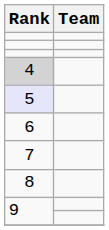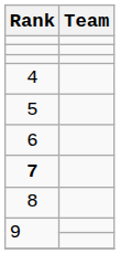 <table class="wikitable" border="1">
 <tr>
 <th>Rank</th>
 <th>Team</th>
 </tr>
 <tr>
 <td align=center></td>
 <td></td>
 </tr>
 <tr>
 <td align=center></td>
 <td></td>
 </tr>
 <tr>
 <td align=center></td>
 <td></td>
 </tr>
 <tr>
-<td align=center style="background: lightgrey;">4</td>
+<td align=center>4</td>
 <td></td>
 </tr>
 <tr>
-<td align=center style="background: lavender;">5</td>
+<td align=center>5</td>
 <td></td>
 </tr>
 <tr>
 <td align=center>6</td>
 <td></td>
 </tr>
 <tr>
-<td align=center>7</td>
+<td align=center><strong>7</strong></td>
 <td></td>
 </tr>
 <tr>
 <td align=center>8</td>
 <td></td>
 </tr>
 <tr>
 <td rowspan=2>9</td>
 <td></td>
 </tr>
 <tr>
 <td></td>
 </tr>
 <tr>
 </tr>
 </table>
